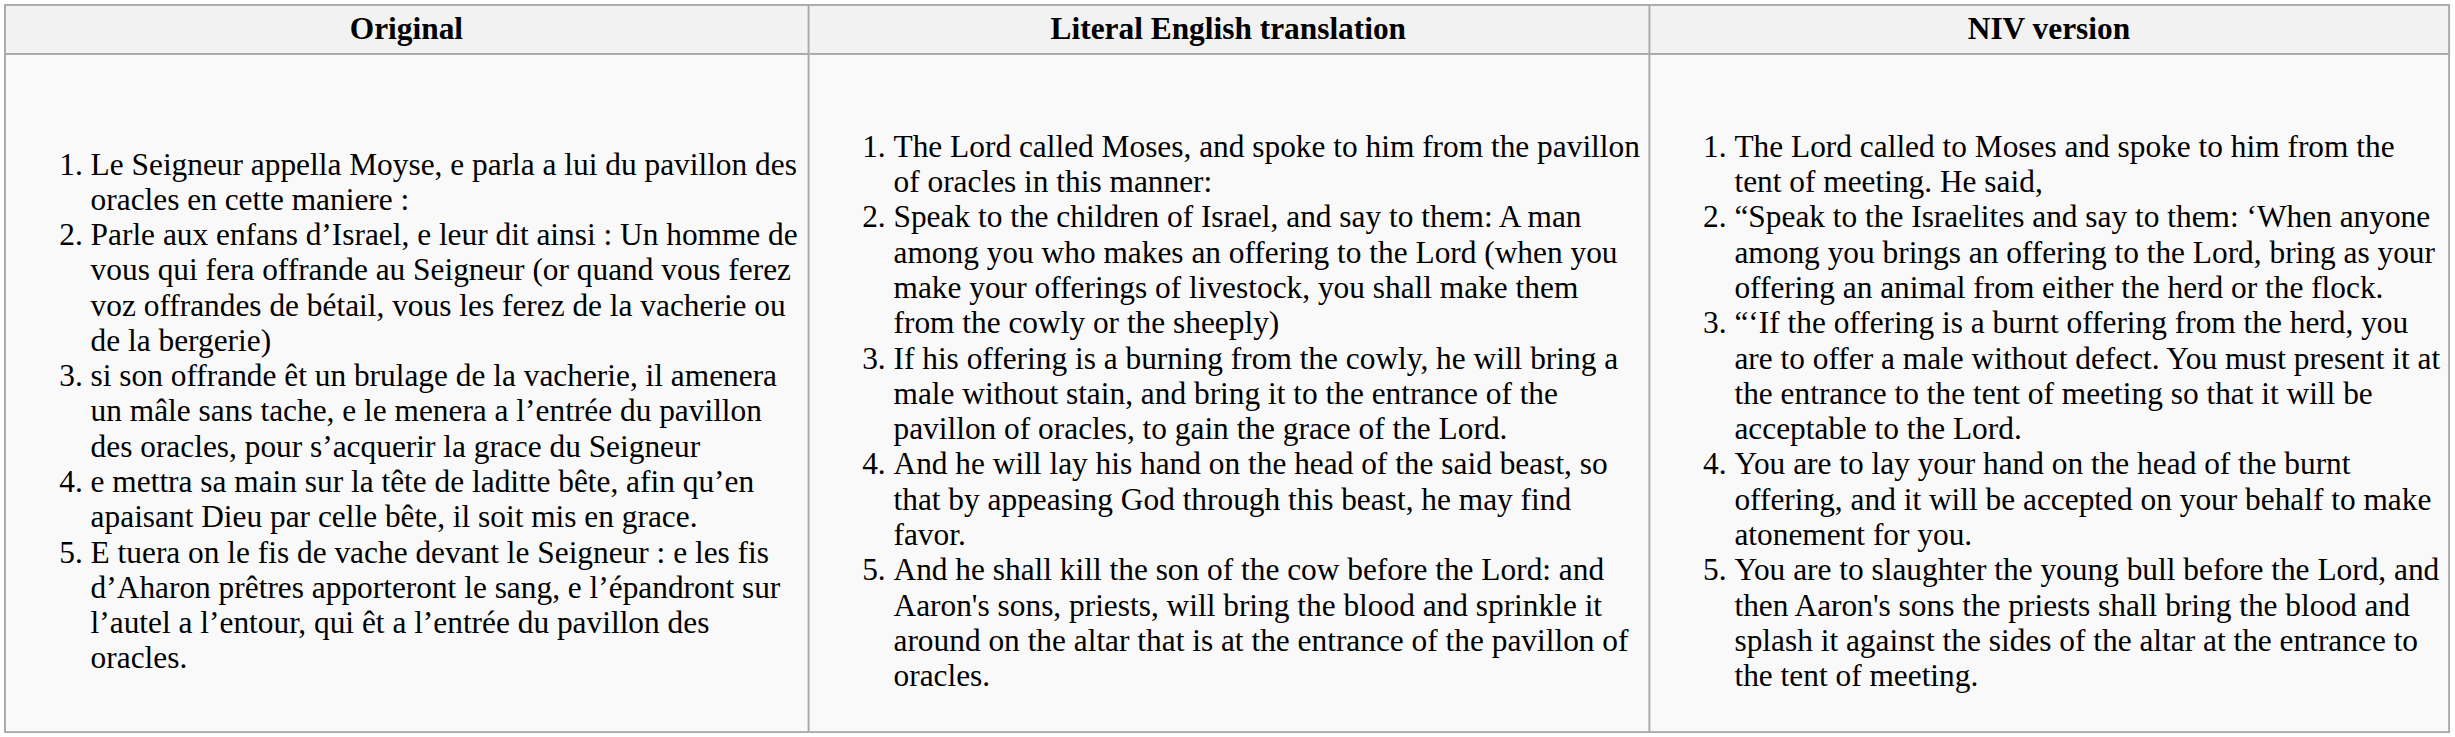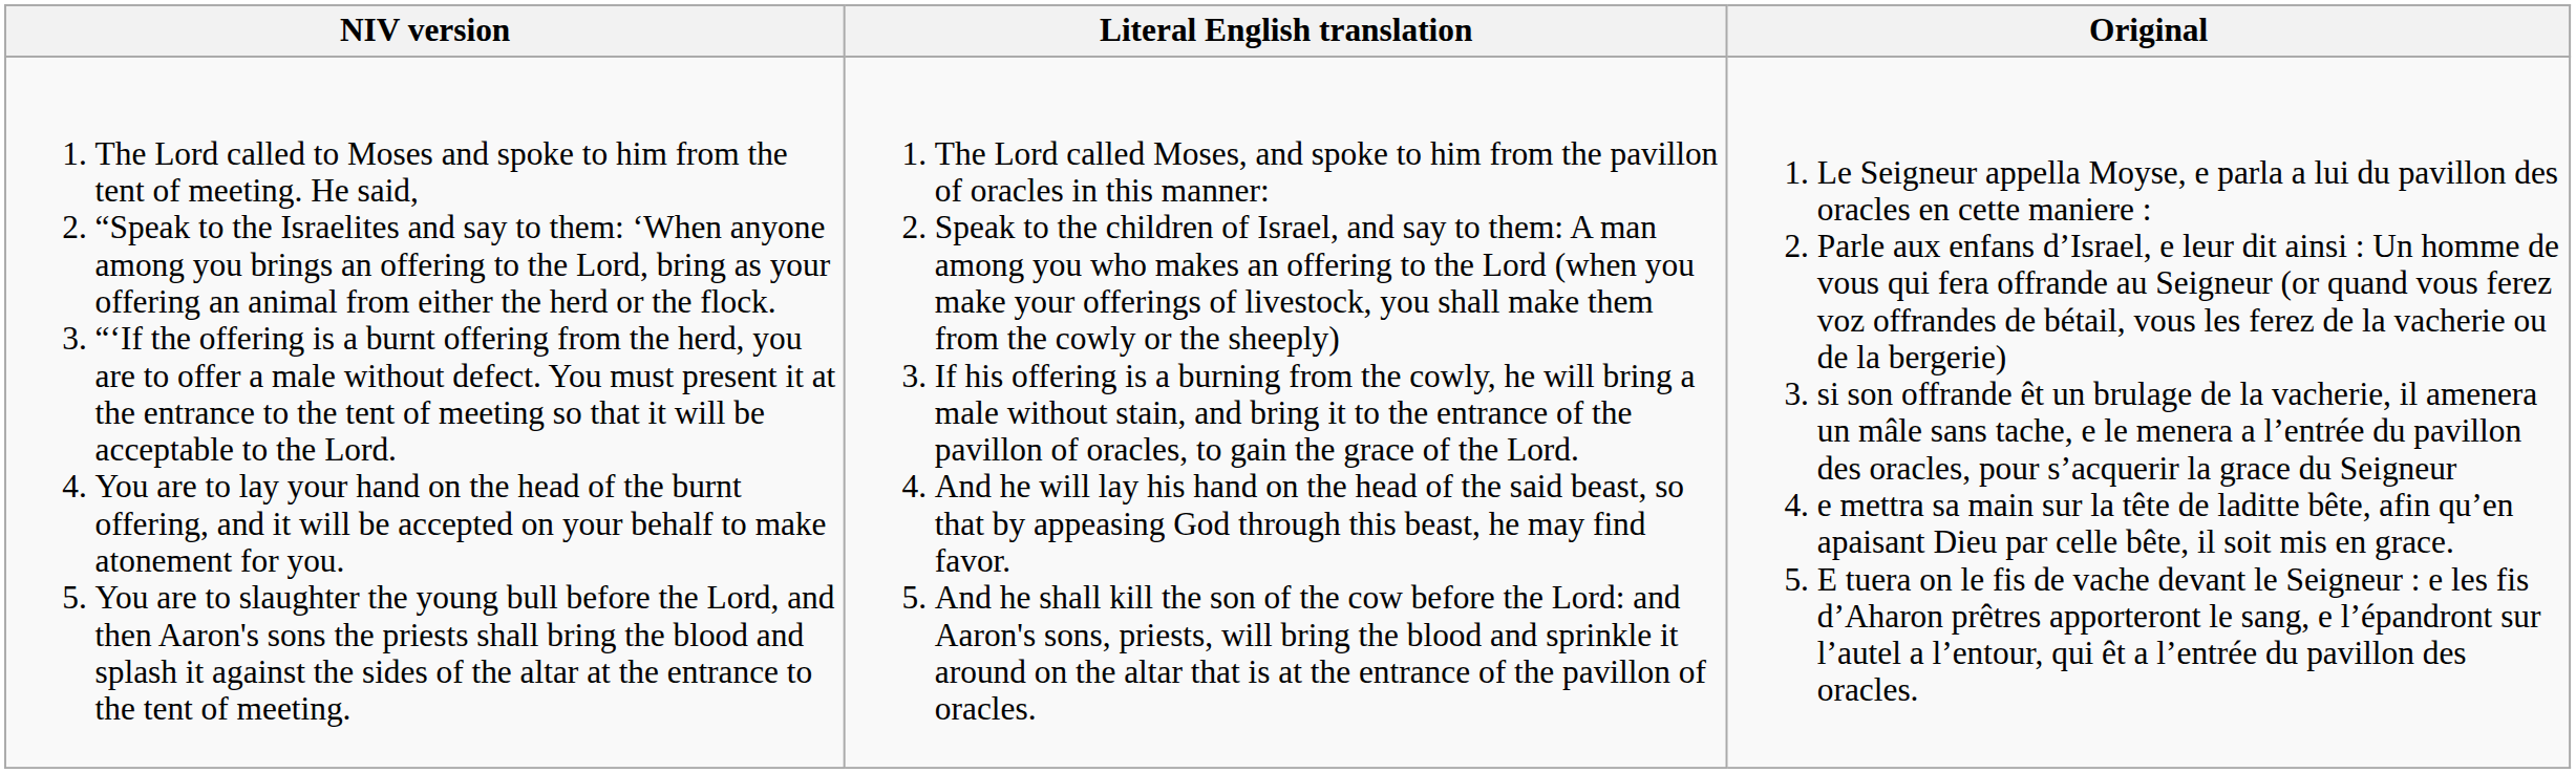 <table class="wikitable">
 <tr>
+<th>NIV version</th>
+<th>Literal English translation</th>
 <th>Original</th>
-<th>Literal English translation</th>
-<th>NIV version</th>
 </tr>
 <tr>
+<td><br><ol><li>The Lord called to Moses and spoke to him from the tent of meeting. He said,</li><li>“Speak to the Israelites and say to them: ‘When anyone among you brings an offering to the Lord, bring as your offering an animal from either the herd or the flock.</li><li>“‘If the offering is a burnt offering from the herd, you are to offer a male without defect. You must present it at the entrance to the tent of meeting so that it will be acceptable to the Lord.</li><li>You are to lay your hand on the head of the burnt offering, and it will be accepted on your behalf to make atonement for you.</li><li>You are to slaughter the young bull before the Lord, and then Aaron's sons the priests shall bring the blood and splash it against the sides of the altar at the entrance to the tent of meeting.</li></ol></td>
+<td><br><ol><li>The Lord called Moses, and spoke to him from the pavillon of oracles in this manner:</li><li>Speak to the children of Israel, and say to them: A man among you who makes an offering to the Lord (when you make your offerings of livestock, you shall make them from the cowly or the sheeply)</li><li>If his offering is a burning from the cowly, he will bring a male without stain, and bring it to the entrance of the pavillon of oracles, to gain the grace of the Lord.</li><li>And he will lay his hand on the head of the said beast, so that by appeasing God through this beast, he may find favor.</li><li>And he shall kill the son of the cow before the Lord: and Aaron's sons, priests, will bring the blood and sprinkle it around on the altar that is at the entrance of the pavillon of oracles.</li></ol></td>
 <td><br><ol><li>Le Seigneur appella Moyse, e parla a lui du pavillon des oracles en cette maniere :</li><li>Parle aux enfans d’Israel, e leur dit ainsi : Un homme de vous qui fera offrande au Seigneur (or quand vous ferez voz offrandes de bétail, vous les ferez de la vacherie ou de la bergerie)</li><li>si son offrande êt un brulage de la vacherie, il amenera un mâle sans tache, e le menera a l’entrée du pavillon des oracles, pour s’acquerir la grace du Seigneur</li><li>e mettra sa main sur la tête de laditte bête, afin qu’en apaisant Dieu par celle bête, il soit mis en grace.</li><li>E tuera on le fis de vache devant le Seigneur : e les fis d’Aharon prêtres apporteront le sang, e l’épandront sur l’autel a l’entour, qui êt a l’entrée du pavillon des oracles.</li></ol></td>
-<td><br><ol><li>The Lord called Moses, and spoke to him from the pavillon of oracles in this manner:</li><li>Speak to the children of Israel, and say to them: A man among you who makes an offering to the Lord (when you make your offerings of livestock, you shall make them from the cowly or the sheeply)</li><li>If his offering is a burning from the cowly, he will bring a male without stain, and bring it to the entrance of the pavillon of oracles, to gain the grace of the Lord.</li><li>And he will lay his hand on the head of the said beast, so that by appeasing God through this beast, he may find favor.</li><li>And he shall kill the son of the cow before the Lord: and Aaron's sons, priests, will bring the blood and sprinkle it around on the altar that is at the entrance of the pavillon of oracles.</li></ol></td>
-<td><br><ol><li>The Lord called to Moses and spoke to him from the tent of meeting. He said,</li><li>“Speak to the Israelites and say to them: ‘When anyone among you brings an offering to the Lord, bring as your offering an animal from either the herd or the flock.</li><li>“‘If the offering is a burnt offering from the herd, you are to offer a male without defect. You must present it at the entrance to the tent of meeting so that it will be acceptable to the Lord.</li><li>You are to lay your hand on the head of the burnt offering, and it will be accepted on your behalf to make atonement for you.</li><li>You are to slaughter the young bull before the Lord, and then Aaron's sons the priests shall bring the blood and splash it against the sides of the altar at the entrance to the tent of meeting.</li></ol></td>
 </tr>
 </table>
